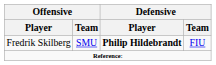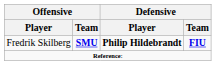 <table class="wikitable" style="text-align: center;">
 <tr>
 <th colspan="2">Offensive</th>
 <th colspan="2">Defensive</th>
 </tr>
 <tr>
 <th>Player</th>
 <th>Team</th>
 <th>Player</th>
 <th>Team</th>
 </tr>
 <tr>
 <td>Fredrik Skilberg</td>
-<td><a href='#'>SMU</a></td>
+<td><strong><a href='#'>SMU</a></strong></td>
 <td><strong>Philip Hildebrandt</strong></td>
-<td><a href='#'>FIU</a></td>
+<td><strong><a href='#'>FIU</a></strong></td>
 </tr>
 <tr>
 <td colspan="4"  style="font-size:8pt; text-align:center;"><strong>Reference</strong>:</td>
 </tr>
 </table>
